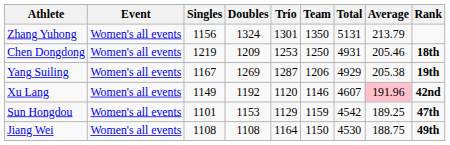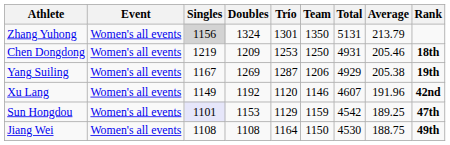 <table class="wikitable" style="font-size:90%;">
 <tr>
 <th>Athlete</th>
 <th>Event</th>
 <th>Singles</th>
 <th>Doubles</th>
 <th>Trío</th>
 <th>Team</th>
 <th>Total</th>
 <th>Average</th>
 <th>Rank</th>
 </tr>
 <tr>
 <td><a href='#'>Zhang Yuhong</a></td>
 <td><a href='#'>Women's all events</a></td>
-<td align=center>1156</td>
+<td align=center style="background: lightgrey;">1156</td>
 <td align=center>1324</td>
 <td align=center>1301</td>
 <td align=center>1350</td>
 <td align=center>5131</td>
 <td align=center>213.79</td>
 <td align=center></td>
 </tr>
 <tr>
 <td><a href='#'>Chen Dongdong</a></td>
 <td><a href='#'>Women's all events</a></td>
 <td align=center>1219</td>
 <td align=center>1209</td>
 <td align=center>1253</td>
 <td align=center>1250</td>
 <td align=center>4931</td>
 <td align=center>205.46</td>
 <td align=center><strong>18th</strong></td>
 </tr>
 <tr>
 <td><a href='#'>Yang Suiling</a></td>
 <td><a href='#'>Women's all events</a></td>
 <td align=center>1167</td>
 <td align=center>1269</td>
 <td align=center>1287</td>
 <td align=center>1206</td>
 <td align=center>4929</td>
 <td align=center>205.38</td>
 <td align=center><strong>19th</strong></td>
 </tr>
 <tr>
 <td><a href='#'>Xu Lang</a></td>
 <td><a href='#'>Women's all events</a></td>
 <td align=center>1149</td>
 <td align=center>1192</td>
 <td align=center>1120</td>
 <td align=center>1146</td>
 <td align=center>4607</td>
-<td align=center style="background: pink;">191.96</td>
+<td align=center>191.96</td>
 <td align=center><strong>42nd</strong></td>
 </tr>
 <tr>
 <td><a href='#'>Sun Hongdou</a></td>
 <td><a href='#'>Women's all events</a></td>
-<td align=center>1101</td>
+<td align=center style="background: lavender;">1101</td>
 <td align=center>1153</td>
 <td align=center>1129</td>
 <td align=center>1159</td>
 <td align=center>4542</td>
 <td align=center>189.25</td>
 <td align=center><strong>47th</strong></td>
 </tr>
 <tr>
 <td><a href='#'>Jiang Wei</a></td>
 <td><a href='#'>Women's all events</a></td>
 <td align=center>1108</td>
 <td align=center>1108</td>
 <td align=center>1164</td>
 <td align=center>1150</td>
 <td align=center>4530</td>
 <td align=center>188.75</td>
 <td align=center><strong>49th</strong></td>
 </tr>
 </table>
